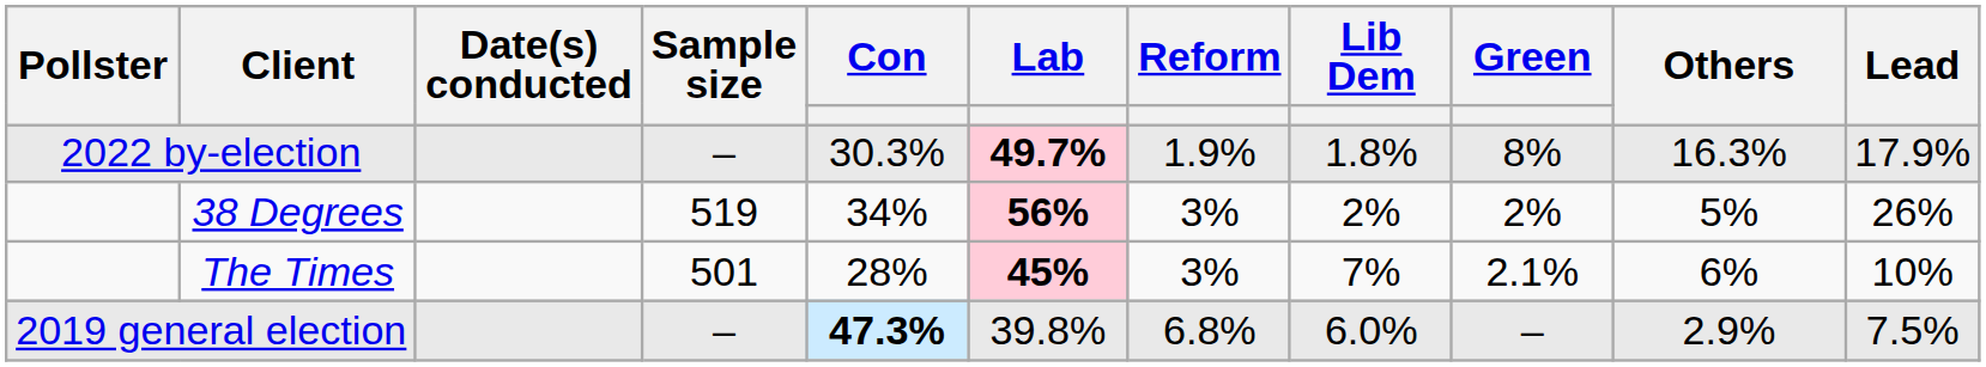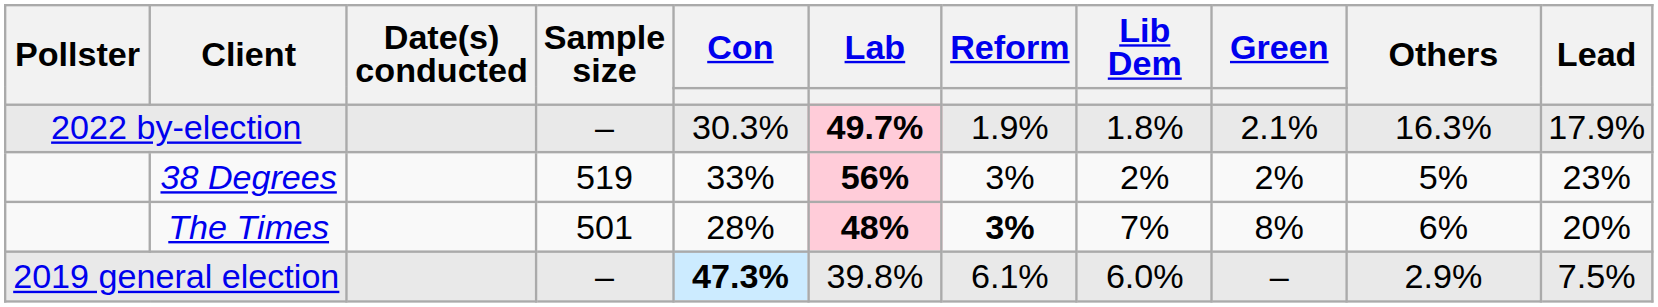 <table class="wikitable sortable mw-datatable" style="text-align:center;font-size:90%;line-height:14px;">
 <tr>
 <th rowspan="2">Pollster</th>
 <th rowspan="2">Client</th>
 <th rowspan="2">Date(s)<br>conducted</th>
 <th data-sort-type="number" rowspan="2">Sample<br>size</th>
 <th class="unsortable" style="width:50px;"><a href='#'>Con</a></th>
 <th class="unsortable" style="width:50px;"><a href='#'>Lab</a></th>
 <th class="unsortable" style="width:50px;"><a href='#'>Reform</a></th>
 <th class="unsortable" style="width:50px;"><a href='#'>Lib Dem</a></th>
 <th class="unsortable" style="width:50px;"><a href='#'>Green</a></th>
 <th rowspan="2" class="unsortable" style="width:75px;">Others</th>
 <th data-sort-type="number" rowspan="2">Lead</th>
 </tr>
 <tr>
 <th data-sort-type="number" style="background:"></th>
 <th data-sort-type="number" style="background:"></th>
 <th data-sort-type="number" style="background:"></th>
 <th data-sort-type="number" style="background:"></th>
 <th data-sort-type="number" style="background:"></th>
 </tr>
 <tr style="background:#E9E9E9;">
 <td colspan="2"><a href='#'>2022 by-election</a></td>
 <td></td>
 <td>–</td>
 <td>30.3%</td>
 <td style="background:#FFCCD9;"><strong>49.7%</strong></td>
 <td>1.9%</td>
 <td>1.8%</td>
-<td>8%</td>
+<td>2.1%</td>
 <td>16.3%</td>
 <td style="background:">17.9%</td>
 </tr>
 <tr>
 <td></td>
 <td><em><a href='#'>38 Degrees</a></em></td>
 <td></td>
 <td>519</td>
-<td>34%</td>
+<td>33%</td>
 <td style="background:#FFCCD9;"><strong>56%</strong></td>
 <td>3%</td>
 <td>2%</td>
 <td>2%</td>
 <td>5%</td>
-<td style="background:">26%</td>
+<td style="background:">23%</td>
 </tr>
 <tr>
 <td></td>
 <td><em><a href='#'>The Times</a></em></td>
 <td></td>
 <td>501</td>
 <td>28%</td>
-<td style="background:#FFCCD9;"><strong>45%</strong></td>
-<td>3%</td>
+<td style="background:#FFCCD9;"><strong>48%</strong></td>
+<td><strong>3%</strong></td>
 <td>7%</td>
-<td>2.1%</td>
+<td>8%</td>
 <td>6%</td>
-<td style="background:">10%</td>
+<td style="background:">20%</td>
 </tr>
 <tr style="background:#E9E9E9;">
 <td colspan="2"><a href='#'>2019 general election</a></td>
 <td></td>
 <td>–</td>
 <td style="background:#CCEBFF;"><strong>47.3%</strong></td>
 <td>39.8%</td>
-<td>6.8%</td>
+<td>6.1%</td>
 <td>6.0%</td>
 <td>–</td>
 <td>2.9%</td>
 <td style="background:">7.5%</td>
 </tr>
 </table>
